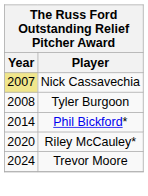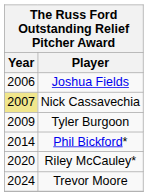 <table class="wikitable" style="display: inline-table; margin-right: 20px; text-align:center">
 <tr>
 <th scope="col" colspan="2" style="width: 145px;">The Russ Ford Outstanding Relief Pitcher Award</th>
 </tr>
 <tr>
 <th scope="col">Year</th>
 <th scope="col">Player</th>
 </tr>
 <tr>
+<td>2006</td>
+<td><a href='#'>Joshua Fields</a></td>
+</tr>
+<tr>
 <td style="background: khaki;">2007</td>
 <td>Nick Cassavechia</td>
 </tr>
 <tr>
-<td>2008</td>
+<td>2009</td>
 <td>Tyler Burgoon</td>
 </tr>
 <tr>
 <td>2014</td>
 <td><a href='#'>Phil Bickford</a>*</td>
 </tr>
 <tr>
 <td>2020</td>
 <td>Riley McCauley*</td>
 </tr>
 <tr>
 <td>2024</td>
 <td>Trevor Moore</td>
 </tr>
 <tr>
 </tr>
 </table>
